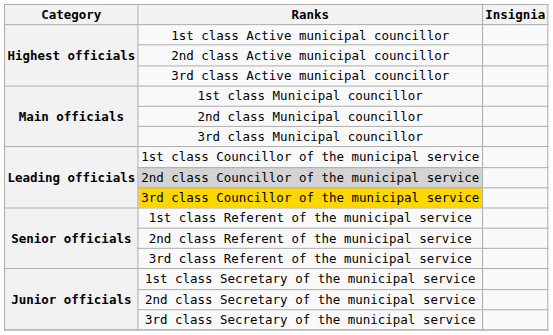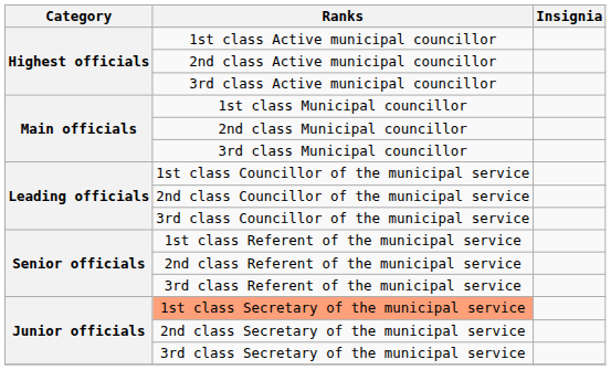 <table class="wikitable" style="text-align:center;">
 <tr>
 <th>Category</th>
 <th>Ranks</th>
 <th>Insignia</th>
 </tr>
 <tr>
 <th rowspan=3>Highest officials</th>
 <td>1st class Active municipal councillor</td>
 <td></td>
 </tr>
 <tr>
 <td>2nd class Active municipal councillor</td>
 <td></td>
 </tr>
 <tr>
 <td>3rd class Active municipal councillor</td>
 <td></td>
 </tr>
 <tr>
 <th rowspan=3>Main officials</th>
 <td>1st class Municipal councillor</td>
 <td></td>
 </tr>
 <tr>
 <td>2nd class Municipal councillor</td>
 <td></td>
 </tr>
 <tr>
 <td>3rd class Municipal councillor</td>
 <td></td>
 </tr>
 <tr>
 <th rowspan=3>Leading officials</th>
 <td>1st class Councillor of the municipal service</td>
 <td></td>
 </tr>
 <tr>
-<td style="background: lightgrey;">2nd class Councillor of the municipal service</td>
+<td>2nd class Councillor of the municipal service</td>
 <td></td>
 </tr>
 <tr>
-<td style="background: gold;">3rd class Councillor of the municipal service</td>
+<td>3rd class Councillor of the municipal service</td>
 <td></td>
 </tr>
 <tr>
 <th rowspan=3>Senior officials</th>
 <td>1st class Referent of the municipal service</td>
 <td></td>
 </tr>
 <tr>
 <td>2nd class Referent of the municipal service</td>
 <td></td>
 </tr>
 <tr>
 <td>3rd class Referent of the municipal service</td>
 <td></td>
 </tr>
 <tr>
 <th rowspan=3>Junior officials</th>
-<td>1st class Secretary of the municipal service</td>
+<td style="background: lightsalmon;">1st class Secretary of the municipal service</td>
 <td></td>
 </tr>
 <tr>
 <td>2nd class Secretary of the municipal service</td>
 <td></td>
 </tr>
 <tr>
 <td>3rd class Secretary of the municipal service</td>
 <td></td>
 </tr>
 <tr>
 </tr>
 </table>
